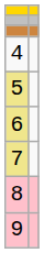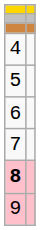 <table class="wikitable">
 <tr style="background:gold;">
 <td align=center></td>
 <td></td>
 </tr>
 <tr style="background:silver;">
 <td align=center></td>
 <td></td>
 </tr>
 <tr style="background:peru;">
 <td align=center></td>
 <td></td>
 </tr>
 <tr>
 <td align=center>4</td>
 <td></td>
 </tr>
 <tr>
-<td align=center style="background: khaki;">5</td>
+<td align=center>5</td>
 <td></td>
 </tr>
 <tr>
-<td align=center style="background: khaki;">6</td>
+<td align=center>6</td>
 <td></td>
 </tr>
 <tr>
-<td align=center style="background: khaki;">7</td>
+<td align=center>7</td>
 <td></td>
 </tr>
 <tr style="background:pink;">
-<td align=center>8</td>
+<td align=center><strong>8</strong></td>
 <td></td>
 </tr>
 <tr style="background:pink;">
 <td align=center>9</td>
 <td></td>
 </tr>
 </table>
